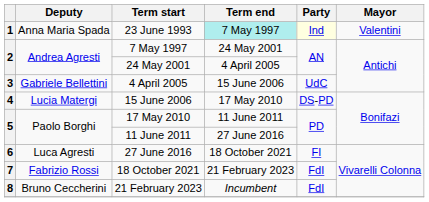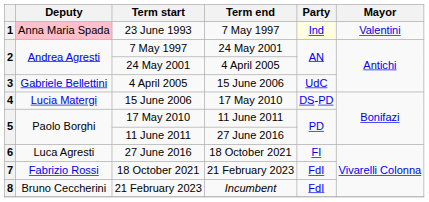 <table class="wikitable" style="text-align: center;">
 <tr>
 <th class=unsortable> </th>
 <th>Deputy</th>
 <th>Term start</th>
 <th>Term end</th>
 <th>Party</th>
 <th>Mayor</th>
 </tr>
 <tr>
 <th style="background:">1</th>
-<td>Anna Maria Spada</td>
+<td style="background: pink;">Anna Maria Spada</td>
 <td>23 June 1993</td>
-<td style="background: paleturquoise;">7 May 1997</td>
+<td>7 May 1997</td>
 <td style="background: lightyellow;"><a href='#'>Ind</a></td>
 <td><a href='#'>Valentini</a></td>
 </tr>
 <tr>
 <th rowspan=2 style="background:">2</th>
 <td rowspan=2><a href='#'>Andrea Agresti</a></td>
 <td>7 May 1997</td>
 <td>24 May 2001</td>
 <td rowspan=2><a href='#'>AN</a></td>
 <td rowspan=3><a href='#'>Antichi</a></td>
 </tr>
 <tr>
 <td>24 May 2001</td>
 <td>4 April 2005</td>
 </tr>
 <tr>
 <th style="background:">3</th>
 <td><a href='#'>Gabriele Bellettini</a></td>
 <td>4 April 2005</td>
 <td>15 June 2006</td>
 <td><a href='#'>UdC</a></td>
 </tr>
 <tr>
 <th style="background:">4</th>
 <td><a href='#'>Lucia Matergi</a></td>
 <td>15 June 2006</td>
 <td>17 May 2010</td>
 <td><a href='#'>DS</a>-<a href='#'>PD</a></td>
 <td rowspan=3><a href='#'>Bonifazi</a></td>
 </tr>
 <tr>
 <th rowspan=2 style="background:">5</th>
 <td rowspan=2>Paolo Borghi</td>
 <td>17 May 2010</td>
 <td>11 June 2011</td>
 <td rowspan=2><a href='#'>PD</a></td>
 </tr>
 <tr>
 <td>11 June 2011</td>
 <td>27 June 2016</td>
 </tr>
 <tr>
 <th style="background:">6</th>
 <td>Luca Agresti</td>
 <td>27 June 2016</td>
 <td>18 October 2021</td>
 <td><a href='#'>FI</a></td>
 <td rowspan=3><a href='#'>Vivarelli Colonna</a></td>
 </tr>
 <tr>
 <th style="background:">7</th>
 <td><a href='#'>Fabrizio Rossi</a></td>
 <td>18 October 2021</td>
 <td>21 February 2023</td>
 <td><a href='#'>FdI</a></td>
 </tr>
 <tr>
 <th style="background:">8</th>
 <td>Bruno Ceccherini</td>
 <td>21 February 2023</td>
 <td><em>Incumbent</em></td>
 <td><a href='#'>FdI</a></td>
 </tr>
 <tr>
 </tr>
 </table>
